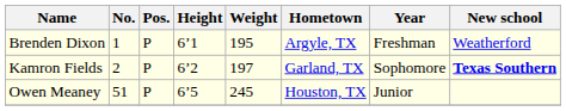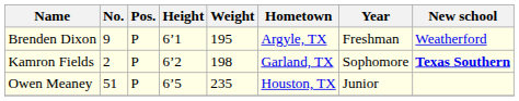 <table class="wikitable sortable">
 <tr>
 <th style="text-align:center; ">Name</th>
 <th style="text-align:center; ">No.</th>
 <th style="text-align:center; ">Pos.</th>
 <th style="text-align:center; ">Height</th>
 <th style="text-align:center; ">Weight</th>
 <th style="text-align:center; ">Hometown</th>
 <th style="text-align:center; ">Year</th>
 <th style="text-align:center; ">New school</th>
 </tr>
 <tr style="background:#FFFFE6;">
 <td>Brenden Dixon</td>
-<td>1</td>
+<td>9</td>
 <td>P</td>
 <td>6’1</td>
 <td>195</td>
 <td><a href='#'>Argyle, TX</a></td>
 <td>Freshman</td>
 <td><a href='#'>Weatherford</a></td>
 </tr>
 <tr style="background:#FFFFE6;">
 <td>Kamron Fields</td>
 <td>2</td>
 <td>P</td>
 <td>6’2</td>
-<td>197</td>
+<td>198</td>
 <td><a href='#'>Garland, TX</a></td>
 <td>Sophomore</td>
 <td><strong><a href='#'>Texas Southern</a></strong></td>
 </tr>
 <tr style="background:#FFFFE6;">
 <td>Owen Meaney</td>
 <td>51</td>
 <td>P</td>
 <td>6’5</td>
-<td>245</td>
+<td>235</td>
 <td><a href='#'>Houston, TX</a></td>
 <td>Junior</td>
 <td></td>
 </tr>
 <tr>
 </tr>
 </table>
